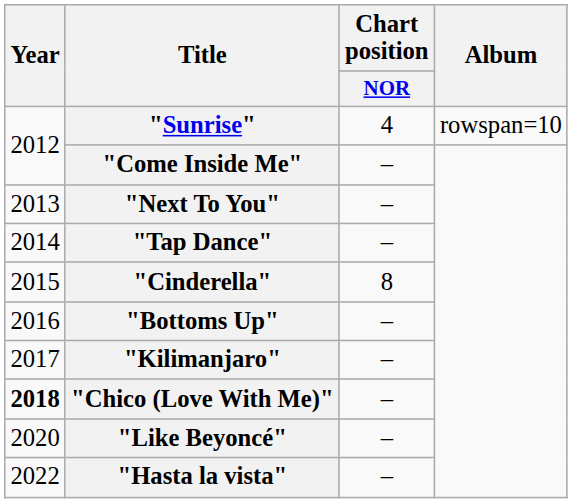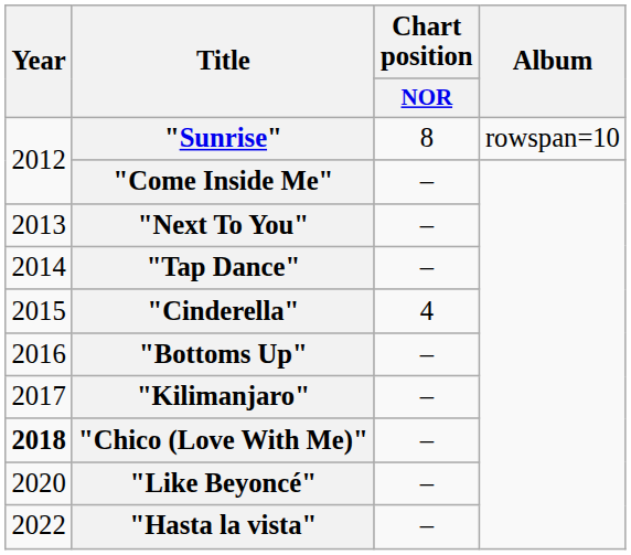 <table class="wikitable plainrowheaders" style="text-align:center;">
 <tr>
 <th scope="col" rowspan="2">Year</th>
 <th scope="col" rowspan="2">Title</th>
 <th scope="col">Chart<br>position</th>
 <th scope="col" rowspan="2">Album</th>
 </tr>
 <tr>
 <th scope="col" style="width:3em;font-size:85%;"><a href='#'>NOR</a><br></th>
 </tr>
 <tr>
 <td rowspan=2>2012</td>
 <th scope="row">"<a href='#'>Sunrise</a>"<br></th>
-<td>4</td>
+<td>8</td>
 <td>rowspan=10 </td>
 </tr>
 <tr>
 <th scope="row">"Come Inside Me"</th>
 <td>–</td>
 </tr>
 <tr>
 <td>2013</td>
 <th scope="row">"Next To You"</th>
 <td>–</td>
 </tr>
 <tr>
 <td>2014</td>
 <th scope="row">"Tap Dance"</th>
 <td>–</td>
 </tr>
 <tr>
 <td>2015</td>
 <th scope="row">"Cinderella"</th>
-<td>8</td>
+<td>4</td>
 </tr>
 <tr>
 <td>2016</td>
 <th scope="row">"Bottoms Up" <br></th>
 <td>–</td>
 </tr>
 <tr>
 <td>2017</td>
 <th scope="row">"Kilimanjaro"</th>
 <td>–</td>
 </tr>
 <tr>
 <td><strong>2018</strong></td>
 <th scope="row">"Chico (Love With Me)"</th>
 <td>–</td>
 </tr>
 <tr>
 <td>2020</td>
 <th scope="row">"Like Beyoncé"</th>
 <td>–</td>
 </tr>
 <tr>
 <td>2022</td>
 <th scope="row">"Hasta la vista"</th>
 <td>–</td>
 </tr>
 </table>
